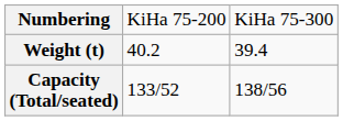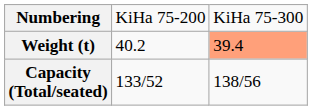 <table class="wikitable">
 <tr>
 <th>Numbering</th>
 <td>KiHa 75-200</td>
 <td>KiHa 75-300</td>
 </tr>
 <tr>
 <th>Weight (t)</th>
 <td>40.2</td>
-<td>39.4</td>
+<td style="background: lightsalmon;">39.4</td>
 </tr>
 <tr>
 <th>Capacity<br>(Total/seated)</th>
 <td>133/52</td>
 <td>138/56</td>
 </tr>
 </table>
